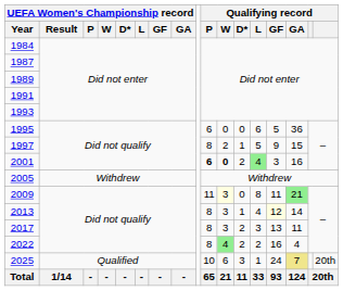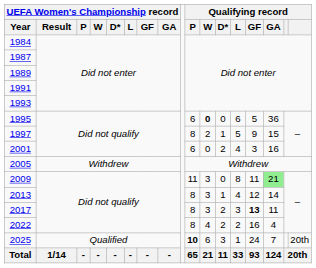 <table class="wikitable" style="text-align:center;">
 <tr>
 <th colspan=8><a href='#'>UEFA Women's Championship</a> record</th>
 <td rowspan=99></td>
 <th colspan=8>Qualifying record</th>
 </tr>
 <tr>
 <th>Year</th>
 <th>Result</th>
 <th>P</th>
 <th>W</th>
 <th>D*</th>
 <th>L</th>
 <th>GF</th>
 <th>GA<br></th>
 <th>P</th>
 <th>W</th>
 <th>D*</th>
 <th>L</th>
 <th>GF</th>
 <th>GA</th>
 <th></th>
 <th></th>
 </tr>
 <tr>
 <td> <a href='#'>1984</a></td>
 <td colspan=7 rowspan=5><em>Did not enter</em></td>
 <td colspan=8 rowspan=5><em>Did not enter</em></td>
 </tr>
 <tr>
 <td> <a href='#'>1987</a></td>
 </tr>
 <tr>
 <td> <a href='#'>1989</a></td>
 </tr>
 <tr>
 <td> <a href='#'>1991</a></td>
 </tr>
 <tr>
 <td> <a href='#'>1993</a></td>
 </tr>
 <tr>
 <td> <a href='#'>1995</a></td>
 <td colspan=7 rowspan=3><em>Did not qualify</em></td>
 <td>6</td>
-<td>0</td>
+<td><strong>0</strong></td>
 <td>0</td>
 <td>6</td>
 <td>5</td>
 <td>36</td>
 <td rowspan=3 colspan=2>–</td>
 </tr>
 <tr>
 <td> <a href='#'>1997</a></td>
 <td>8</td>
 <td>2</td>
 <td>1</td>
 <td>5</td>
 <td>9</td>
 <td>15</td>
 </tr>
 <tr>
 <td> <a href='#'>2001</a></td>
-<td><strong>6</strong></td>
-<td><strong>0</strong></td>
+<td>6</td>
+<td>0</td>
 <td>2</td>
-<td style="background: lightgreen;">4</td>
+<td>4</td>
 <td>3</td>
 <td>16</td>
 </tr>
 <tr>
 <td> <a href='#'>2005</a></td>
 <td colspan=7><em>Withdrew</em></td>
 <td colspan=8><em>Withdrew</em></td>
 </tr>
 <tr>
 <td> <a href='#'>2009</a></td>
 <td colspan=7 rowspan=4><em>Did not qualify</em></td>
 <td>11</td>
-<td style="background: lightyellow;">3</td>
+<td>3</td>
 <td>0</td>
 <td>8</td>
 <td>11</td>
 <td style="background: lightgreen;">21</td>
 <td rowspan=4 colspan=2>–</td>
 </tr>
 <tr>
 <td> <a href='#'>2013</a></td>
 <td>8</td>
 <td>3</td>
 <td>1</td>
 <td>4</td>
-<td style="background: lightyellow;">12</td>
+<td>12</td>
 <td>14</td>
 </tr>
 <tr>
 <td> <a href='#'>2017</a></td>
 <td>8</td>
 <td>3</td>
 <td>2</td>
 <td>3</td>
-<td>13</td>
+<td><strong>13</strong></td>
 <td>11</td>
 </tr>
 <tr>
 <td> <a href='#'>2022</a></td>
 <td>8</td>
-<td style="background: lightgreen;">4</td>
+<td>4</td>
 <td>2</td>
 <td>2</td>
 <td>16</td>
 <td>4</td>
 </tr>
 <tr>
 <td> <a href='#'>2025</a></td>
 <td colspan=7><em>Qualified</em></td>
-<td>10</td>
+<td><strong>10</strong></td>
 <td>6</td>
 <td>3</td>
 <td>1</td>
 <td>24</td>
-<td style="background: khaki;">7</td>
+<td>7</td>
 <td></td>
 <td>20th</td>
 </tr>
 <tr>
 <th>Total</th>
 <th>1/14</th>
 <th>-</th>
 <th>-</th>
 <th>-</th>
 <th>-</th>
 <th>-</th>
 <th>-</th>
 <th>65</th>
 <th>21</th>
 <th>11</th>
 <th>33</th>
 <th>93</th>
 <th>124</th>
 <th colspan=2>20th</th>
 </tr>
 </table>
